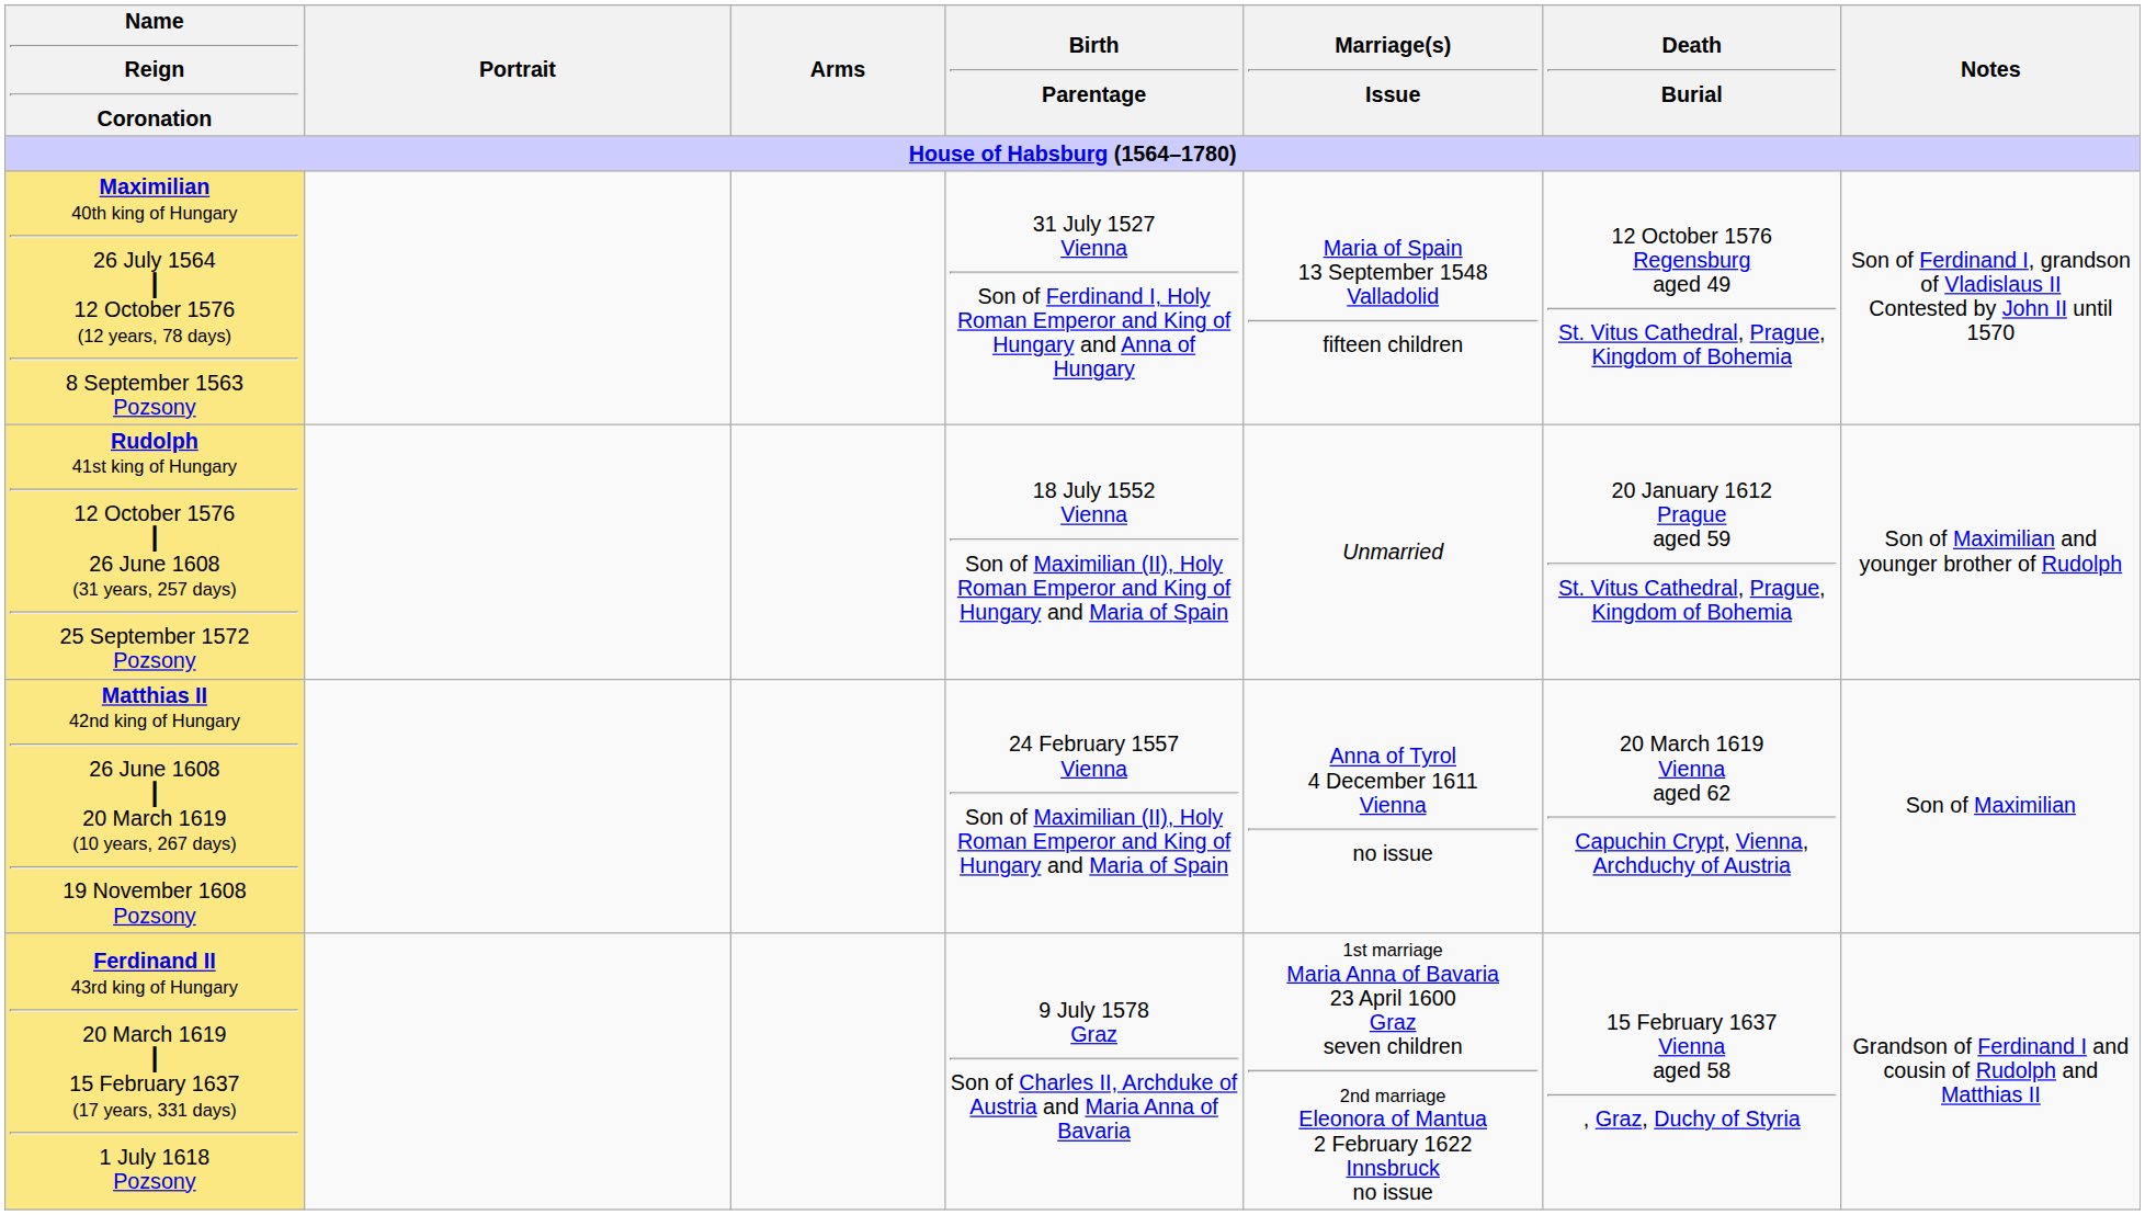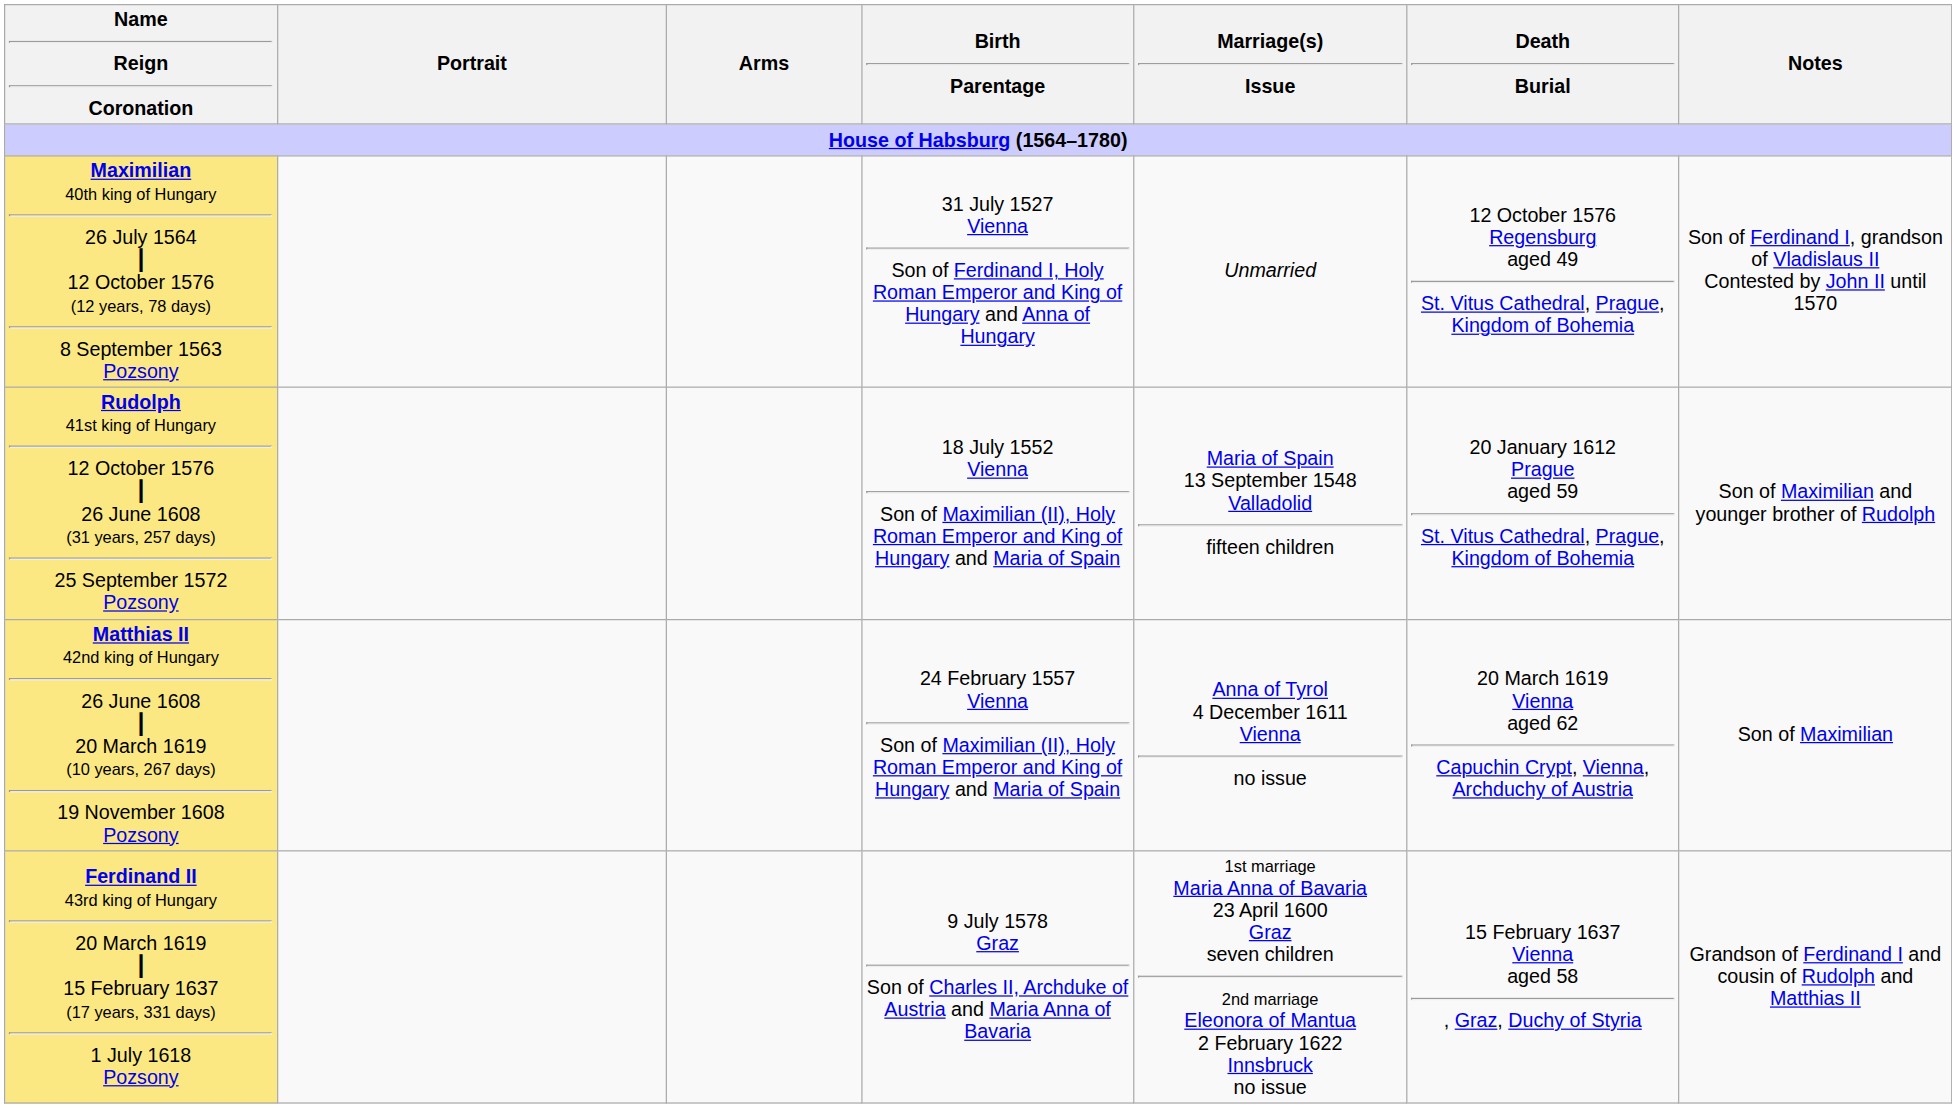 <table style="text-align:Center; width:100%" class="wikitable">
 <tr>
 <th width="14%">Name<hr>Reign<hr>Coronation</th>
 <th width="20%">Portrait</th>
 <th width="10%">Arms</th>
 <th width="14%">Birth<hr>Parentage</th>
 <th width="14%">Marriage(s)<hr>Issue</th>
 <th width="14%">Death<hr>Burial</th>
 <th width="14%">Notes</th>
 </tr>
 <tr>
 <th colspan="7" style="background:#ccccff"><a href='#'>House of Habsburg</a> (1564–1780)</th>
 </tr>
 <tr>
 <td style="background:#FCE883"><strong><a href='#'>Maximilian</a></strong><br><small>40th king of Hungary</small><hr>26 July 1564<br>┃<br>12 October 1576<br><small>(12 years, 78 days)</small><hr>8 September 1563<br><a href='#'>Pozsony</a></td>
 <td></td>
 <td></td>
 <td>31 July 1527<br><a href='#'>Vienna</a><hr>Son of <a href='#'>Ferdinand I, Holy Roman Emperor and King of Hungary</a> and <a href='#'>Anna of Hungary</a></td>
-<td><a href='#'>Maria of Spain</a><br>13 September 1548<br><a href='#'>Valladolid</a><hr>fifteen children</td>
+<td><em>Unmarried</em></td>
 <td>12 October 1576<br><a href='#'>Regensburg</a><br>aged 49<hr><a href='#'>St. Vitus Cathedral</a>, <a href='#'>Prague</a>, <a href='#'>Kingdom of Bohemia</a></td>
 <td>Son of <a href='#'>Ferdinand I</a>, grandson of <a href='#'>Vladislaus II</a><br>Contested by <a href='#'>John II</a> until 1570</td>
 </tr>
 <tr>
 <td style="background:#FCE883"><strong><a href='#'>Rudolph</a></strong><br><small>41st king of Hungary</small><hr>12 October 1576<br>┃<br>26 June 1608<br><small>(31 years, 257 days)</small><hr>25 September 1572<br><a href='#'>Pozsony</a></td>
 <td></td>
 <td></td>
 <td>18 July 1552<br><a href='#'>Vienna</a><hr>Son of <a href='#'>Maximilian (II), Holy Roman Emperor and King of Hungary</a> and <a href='#'>Maria of Spain</a></td>
-<td><em>Unmarried</em></td>
+<td><a href='#'>Maria of Spain</a><br>13 September 1548<br><a href='#'>Valladolid</a><hr>fifteen children</td>
 <td>20 January 1612<br><a href='#'>Prague</a><br>aged 59<hr><a href='#'>St. Vitus Cathedral</a>, <a href='#'>Prague</a>, <a href='#'>Kingdom of Bohemia</a></td>
 <td>Son of <a href='#'>Maximilian</a> and younger brother of <a href='#'>Rudolph</a></td>
 </tr>
 <tr>
 <td style="background:#FCE883"><strong><a href='#'>Matthias II</a></strong><br><small>42nd king of Hungary</small><hr>26 June 1608<br>┃<br>20 March 1619<br><small>(10 years, 267 days)</small><hr>19 November 1608<br><a href='#'>Pozsony</a></td>
 <td></td>
 <td></td>
 <td>24 February 1557<br><a href='#'>Vienna</a><hr>Son of <a href='#'>Maximilian (II), Holy Roman Emperor and King of Hungary</a> and <a href='#'>Maria of Spain</a></td>
 <td><a href='#'>Anna of Tyrol</a><br>4 December 1611<br><a href='#'>Vienna</a><hr>no issue</td>
 <td>20 March 1619<br><a href='#'>Vienna</a><br>aged 62<hr><a href='#'>Capuchin Crypt</a>, <a href='#'>Vienna</a>, <a href='#'>Archduchy of Austria</a></td>
 <td>Son of <a href='#'>Maximilian</a></td>
 </tr>
 <tr>
 <td style="background:#FCE883"><strong><a href='#'>Ferdinand II</a></strong><br><small>43rd king of Hungary</small><hr>20 March 1619<br>┃<br>15 February 1637<br><small>(17 years, 331 days)</small><hr>1 July 1618<br><a href='#'>Pozsony</a></td>
 <td></td>
 <td></td>
 <td>9 July 1578<br><a href='#'>Graz</a><hr>Son of <a href='#'>Charles II, Archduke of Austria</a> and <a href='#'>Maria Anna of Bavaria</a></td>
 <td><small>1st marriage</small><br><a href='#'>Maria Anna of Bavaria</a><br>23 April 1600<br><a href='#'>Graz</a><br>seven children<hr><small>2nd marriage</small><br><a href='#'>Eleonora of Mantua</a><br>2 February 1622<br><a href='#'>Innsbruck</a><br>no issue</td>
 <td>15 February 1637<br><a href='#'>Vienna</a><br>aged 58<hr>, <a href='#'>Graz</a>, <a href='#'>Duchy of Styria</a></td>
 <td>Grandson of <a href='#'>Ferdinand I</a> and cousin of <a href='#'>Rudolph</a> and <a href='#'>Matthias II</a></td>
 </tr>
 </table>
